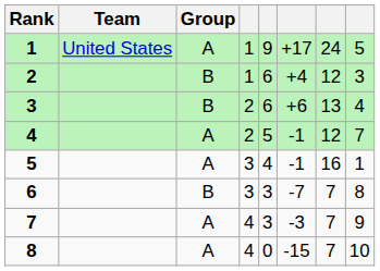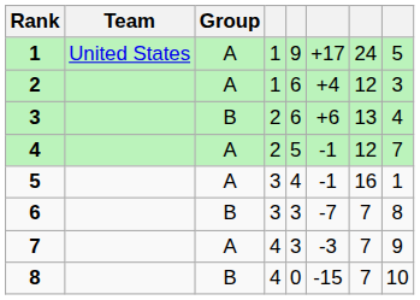 <table class="wikitable sortable" style="text-align:center;">
 <tr>
 <th>Rank</th>
 <th>Team</th>
 <th>Group</th>
 <th></th>
 <th></th>
 <th></th>
 <th></th>
 <th></th>
 </tr>
 <tr style="background-color:#BBF3BB;">
 <td><strong>1</strong></td>
 <td align=left> <a href='#'>United States</a></td>
 <td>A</td>
 <td>1</td>
 <td>9</td>
 <td>+17</td>
 <td>24</td>
 <td>5</td>
 </tr>
 <tr style="background-color:#BBF3BB;">
 <td><strong>2</strong></td>
 <td align=left></td>
-<td>B</td>
+<td>A</td>
 <td>1</td>
 <td>6</td>
 <td>+4</td>
 <td>12</td>
 <td>3</td>
 </tr>
 <tr style="background-color:#BBF3BB;">
 <td><strong>3</strong></td>
 <td align=left></td>
 <td>B</td>
 <td>2</td>
 <td>6</td>
 <td>+6</td>
 <td>13</td>
 <td>4</td>
 </tr>
 <tr style="background-color:#BBF3BB;">
 <td><strong>4</strong></td>
 <td align=left></td>
 <td>A</td>
 <td>2</td>
 <td>5</td>
 <td>-1</td>
 <td>12</td>
 <td>7</td>
 </tr>
 <tr>
 <td><strong>5</strong></td>
 <td align=left></td>
 <td>A</td>
 <td>3</td>
 <td>4</td>
 <td>-1</td>
 <td>16</td>
 <td>1</td>
 </tr>
 <tr>
 <td><strong>6</strong></td>
 <td align=left></td>
 <td>B</td>
 <td>3</td>
 <td>3</td>
 <td>-7</td>
 <td>7</td>
 <td>8</td>
 </tr>
 <tr>
 <td><strong>7</strong></td>
 <td align=left></td>
 <td>A</td>
 <td>4</td>
 <td>3</td>
 <td>-3</td>
 <td>7</td>
 <td>9</td>
 </tr>
 <tr>
 <td><strong>8</strong></td>
 <td align=left></td>
-<td>A</td>
+<td>B</td>
 <td>4</td>
 <td>0</td>
 <td>-15</td>
 <td>7</td>
 <td>10</td>
 </tr>
 </table>
